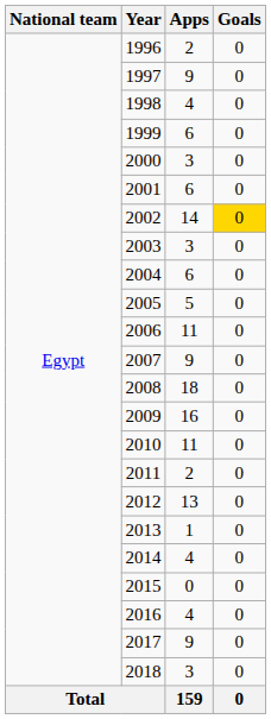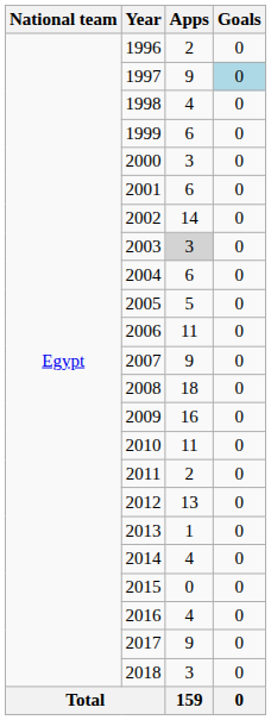 <table class="wikitable" style="text-align:center">
 <tr>
 <th>National team</th>
 <th>Year</th>
 <th>Apps</th>
 <th>Goals</th>
 </tr>
 <tr>
 <td rowspan="23"><a href='#'>Egypt</a></td>
 <td>1996</td>
 <td>2</td>
 <td>0</td>
 </tr>
 <tr>
 <td>1997</td>
 <td>9</td>
-<td>0</td>
+<td style="background: lightblue;">0</td>
 </tr>
 <tr>
 <td>1998</td>
 <td>4</td>
 <td>0</td>
 </tr>
 <tr>
 <td>1999</td>
 <td>6</td>
 <td>0</td>
 </tr>
 <tr>
 <td>2000</td>
 <td>3</td>
 <td>0</td>
 </tr>
 <tr>
 <td>2001</td>
 <td>6</td>
 <td>0</td>
 </tr>
 <tr>
 <td>2002</td>
 <td>14</td>
-<td style="background: gold;">0</td>
+<td>0</td>
 </tr>
 <tr>
 <td>2003</td>
-<td>3</td>
+<td style="background: lightgrey;">3</td>
 <td>0</td>
 </tr>
 <tr>
 <td>2004</td>
 <td>6</td>
 <td>0</td>
 </tr>
 <tr>
 <td>2005</td>
 <td>5</td>
 <td>0</td>
 </tr>
 <tr>
 <td>2006</td>
 <td>11</td>
 <td>0</td>
 </tr>
 <tr>
 <td>2007</td>
 <td>9</td>
 <td>0</td>
 </tr>
 <tr>
 <td>2008</td>
 <td>18</td>
 <td>0</td>
 </tr>
 <tr>
 <td>2009</td>
 <td>16</td>
 <td>0</td>
 </tr>
 <tr>
 <td>2010</td>
 <td>11</td>
 <td>0</td>
 </tr>
 <tr>
 <td>2011</td>
 <td>2</td>
 <td>0</td>
 </tr>
 <tr>
 <td>2012</td>
 <td>13</td>
 <td>0</td>
 </tr>
 <tr>
 <td>2013</td>
 <td>1</td>
 <td>0</td>
 </tr>
 <tr>
 <td>2014</td>
 <td>4</td>
 <td>0</td>
 </tr>
 <tr>
 <td>2015</td>
 <td>0</td>
 <td>0</td>
 </tr>
 <tr>
 <td>2016</td>
 <td>4</td>
 <td>0</td>
 </tr>
 <tr>
 <td>2017</td>
 <td>9</td>
 <td>0</td>
 </tr>
 <tr>
 <td>2018</td>
 <td>3</td>
 <td>0</td>
 </tr>
 <tr>
 <th colspan="2">Total</th>
 <th>159</th>
 <th>0</th>
 </tr>
 </table>
